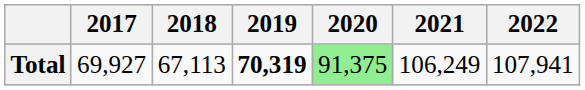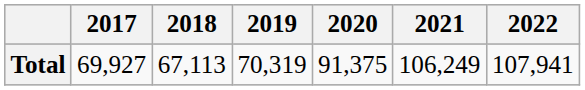 <table class="wikitable">
 <tr>
 <th></th>
 <th>2017</th>
 <th>2018</th>
 <th>2019</th>
 <th>2020</th>
 <th>2021</th>
 <th>2022</th>
 </tr>
 <tr>
 <th>Total</th>
 <td>69,927</td>
 <td>67,113</td>
-<td><strong>70,319</strong></td>
-<td style="background: lightgreen;">91,375</td>
+<td>70,319</td>
+<td>91,375</td>
 <td>106,249</td>
 <td>107,941</td>
 </tr>
 </table>
